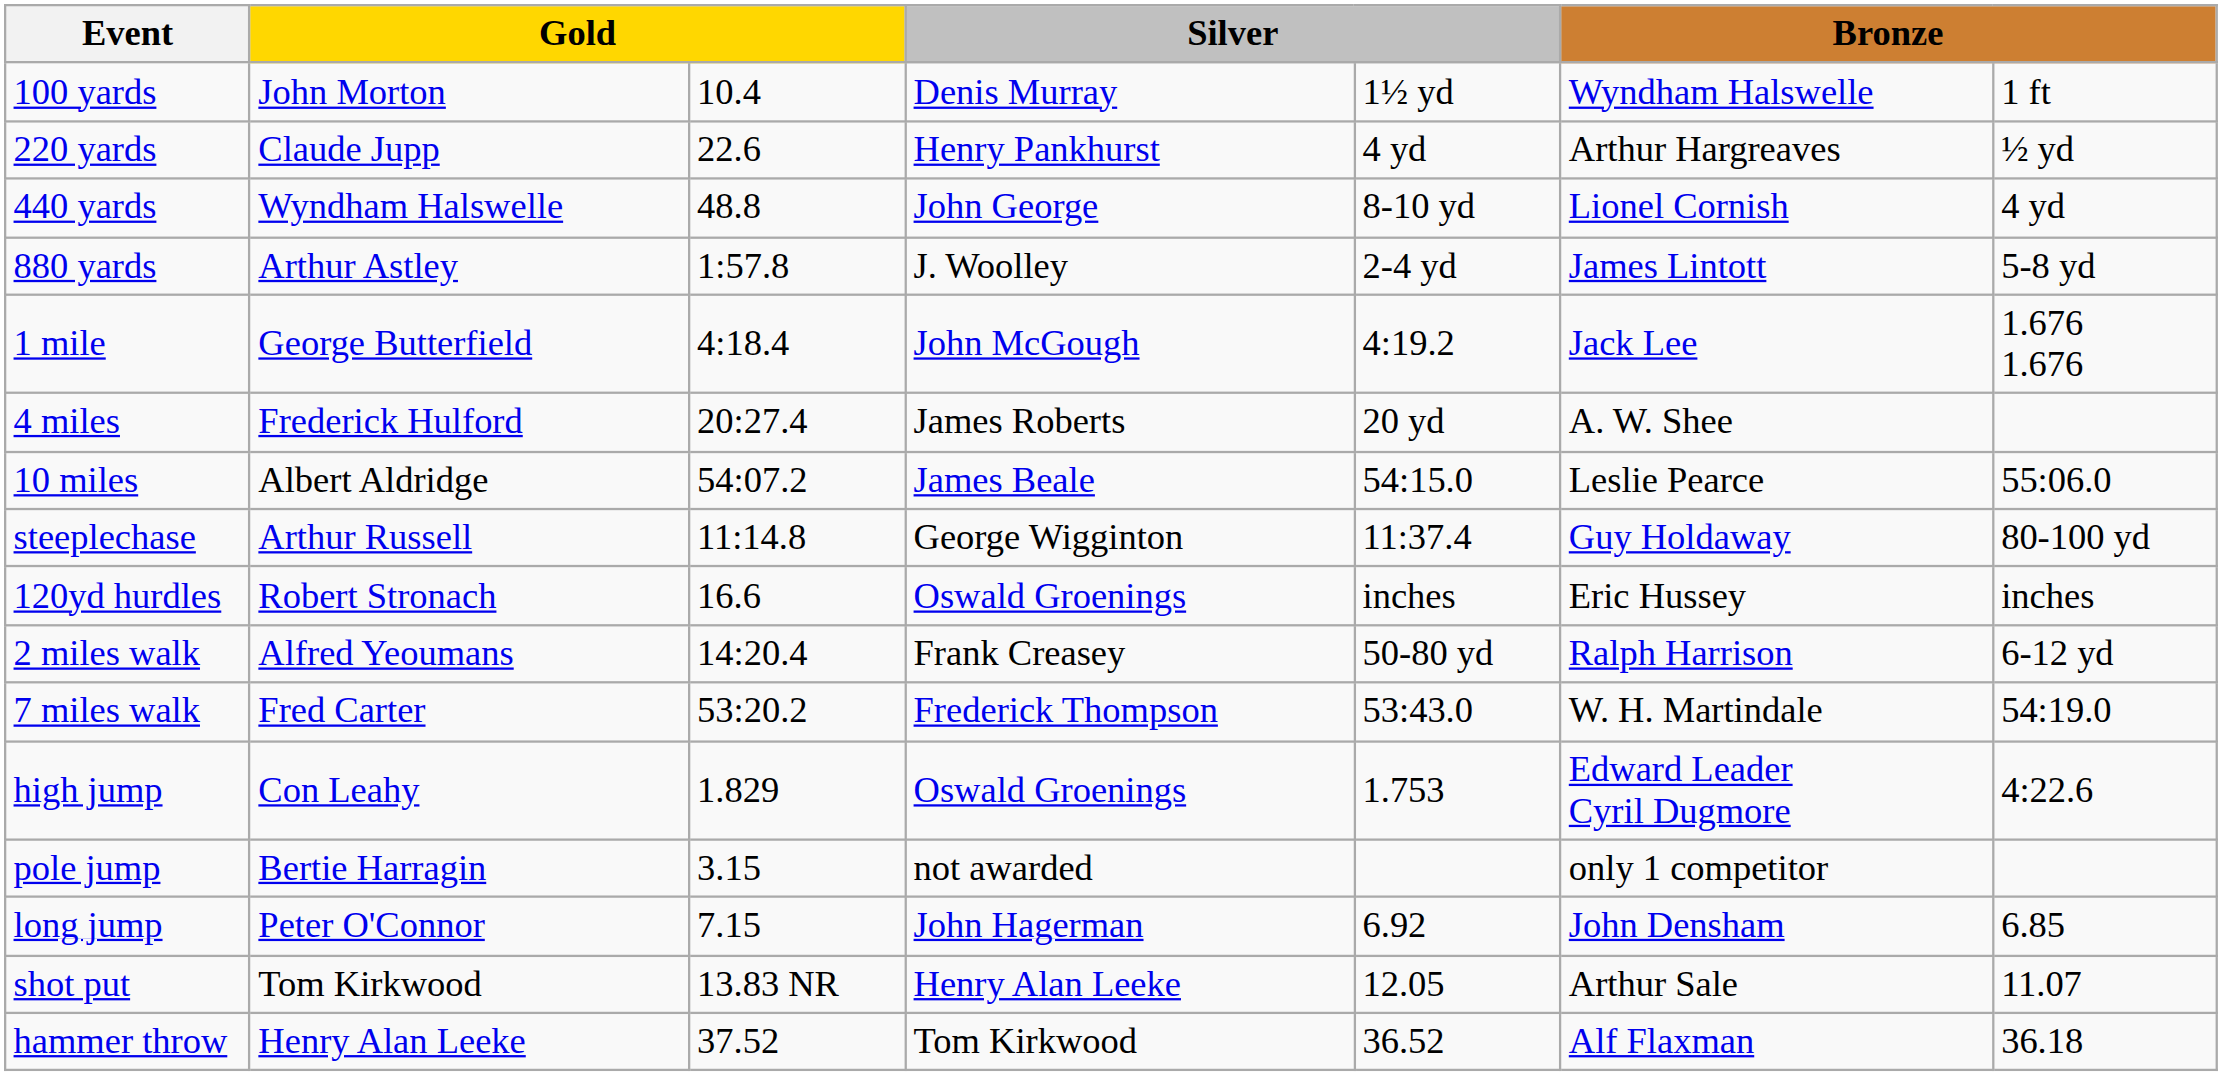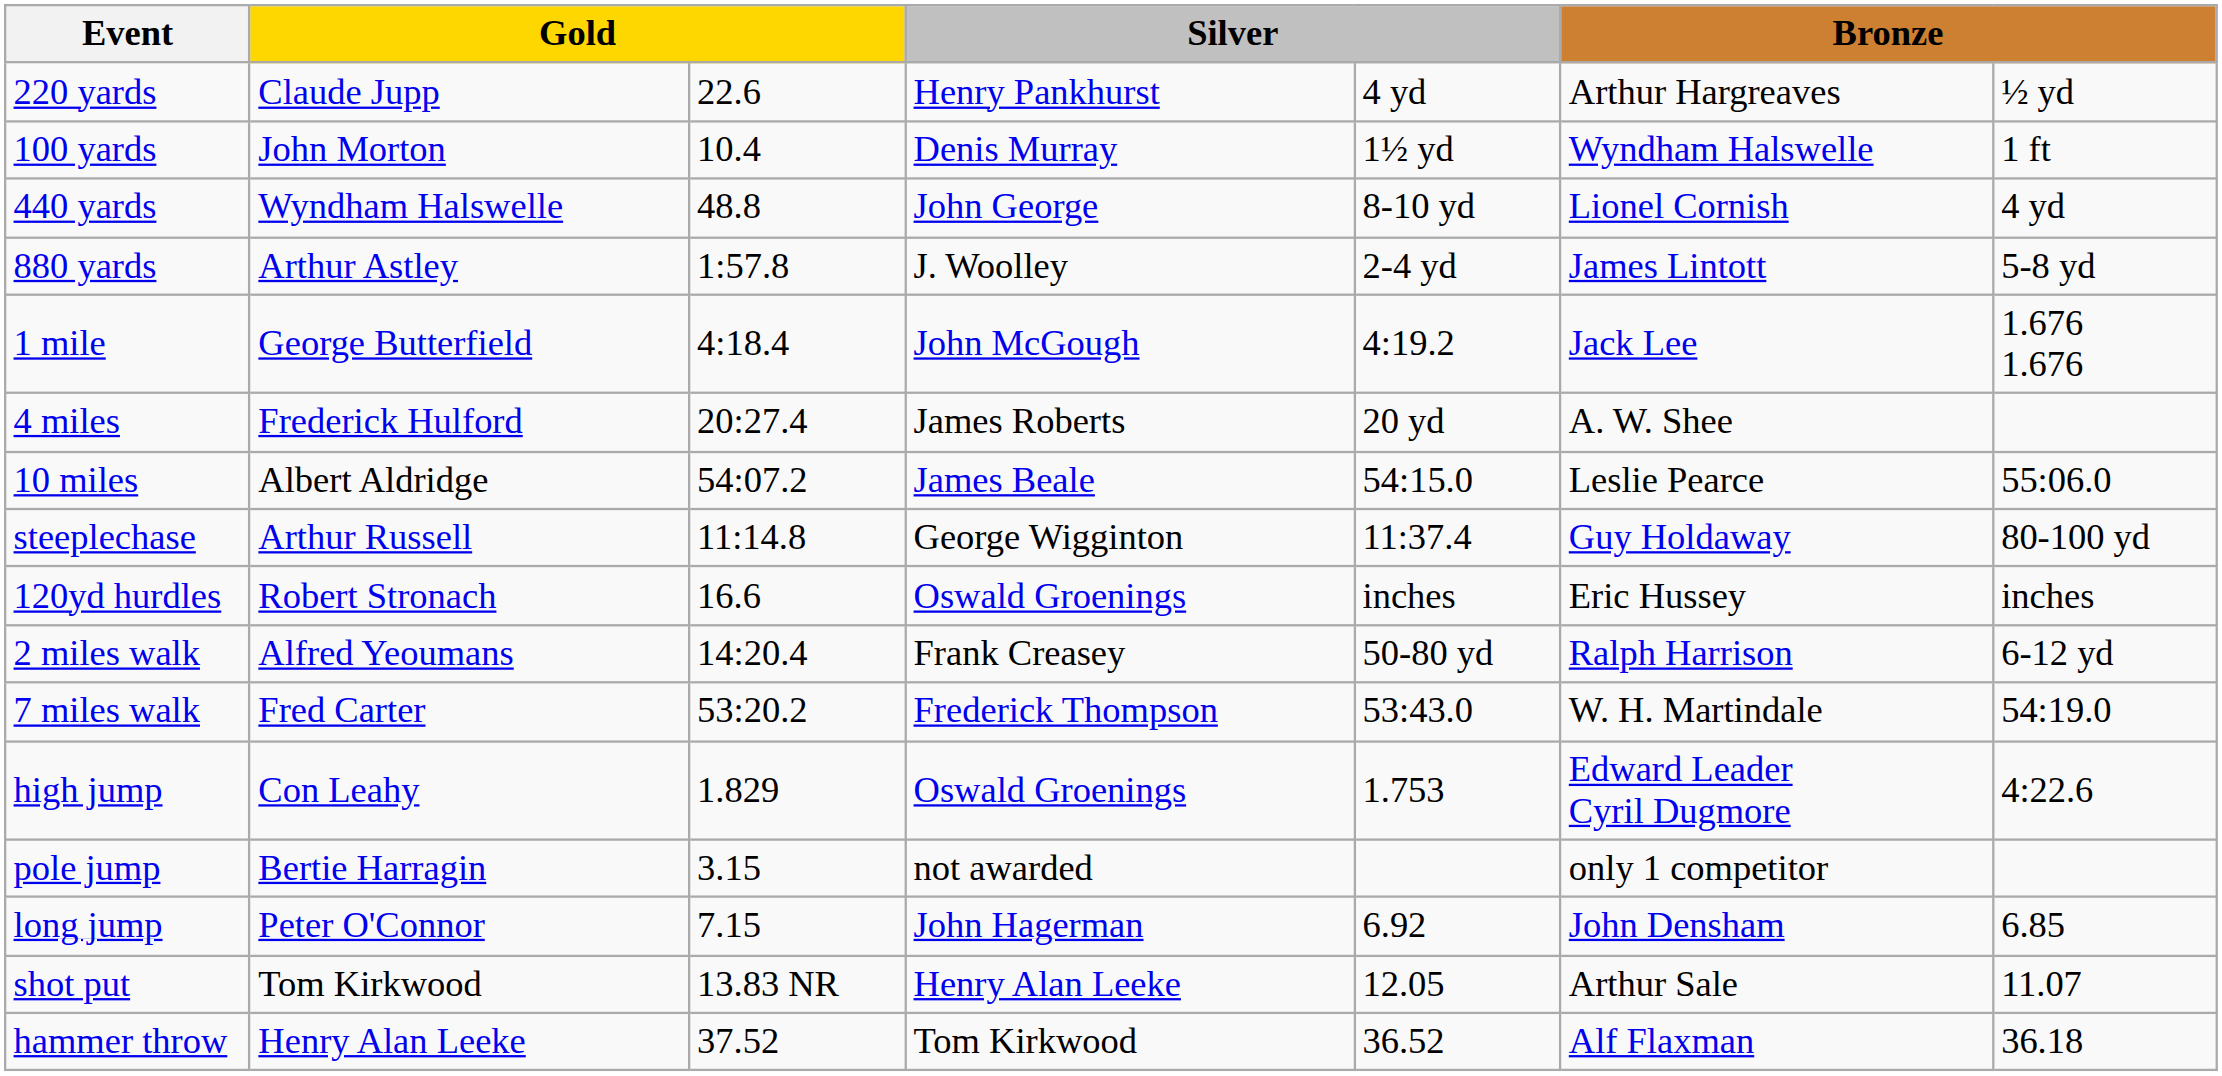 <table class="wikitable" style="text-align:left">
 <tr>
 <th width=100>Event</th>
 <th colspan="2" width="280" style="background:gold;">Gold</th>
 <th colspan="2" width="280" style="background:silver;">Silver</th>
 <th colspan="2" width="280" style="background:#CD7F32;">Bronze</th>
+</tr>
+<tr>
+<td><a href='#'>220 yards</a></td>
+<td><a href='#'>Claude Jupp</a></td>
+<td>22.6</td>
+<td><a href='#'>Henry Pankhurst</a></td>
+<td>4 yd</td>
+<td>Arthur Hargreaves</td>
+<td>½ yd</td>
 </tr>
 <tr>
 <td><a href='#'>100 yards</a></td>
 <td><a href='#'>John Morton</a></td>
 <td>10.4</td>
 <td> <a href='#'>Denis Murray</a></td>
 <td>1½ yd</td>
 <td> <a href='#'>Wyndham Halswelle</a></td>
 <td>1 ft</td>
-</tr>
-<tr>
-<td><a href='#'>220 yards</a></td>
-<td><a href='#'>Claude Jupp</a></td>
-<td>22.6</td>
-<td><a href='#'>Henry Pankhurst</a></td>
-<td>4 yd</td>
-<td>Arthur Hargreaves</td>
-<td>½ yd</td>
 </tr>
 <tr>
 <td><a href='#'>440 yards</a></td>
 <td> <a href='#'>Wyndham Halswelle</a></td>
 <td>48.8</td>
 <td><a href='#'>John George</a></td>
 <td>8-10 yd</td>
 <td><a href='#'>Lionel Cornish</a></td>
 <td>4 yd</td>
 </tr>
 <tr>
 <td><a href='#'>880 yards</a></td>
 <td><a href='#'>Arthur Astley</a></td>
 <td>1:57.8</td>
 <td>J. Woolley</td>
 <td>2-4 yd</td>
 <td><a href='#'>James Lintott</a></td>
 <td>5-8 yd</td>
 </tr>
 <tr>
 <td><a href='#'>1 mile</a></td>
 <td><a href='#'>George Butterfield</a></td>
 <td>4:18.4</td>
 <td> <a href='#'>John McGough</a></td>
 <td>4:19.2</td>
 <td><a href='#'>Jack Lee</a></td>
 <td>1.676<br>1.676</td>
 </tr>
 <tr>
 <td><a href='#'>4 miles</a></td>
 <td><a href='#'>Frederick Hulford</a></td>
 <td>20:27.4</td>
 <td>James Roberts</td>
 <td>20 yd</td>
 <td>A. W. Shee</td>
 <td></td>
 </tr>
 <tr>
 <td><a href='#'>10 miles</a></td>
 <td>Albert Aldridge</td>
 <td>54:07.2</td>
 <td><a href='#'>James Beale</a></td>
 <td>54:15.0</td>
 <td>Leslie Pearce</td>
 <td>55:06.0</td>
 </tr>
 <tr>
 <td><a href='#'>steeplechase</a></td>
 <td><a href='#'>Arthur Russell</a></td>
 <td>11:14.8</td>
 <td>George Wigginton</td>
 <td>11:37.4</td>
 <td><a href='#'>Guy Holdaway</a></td>
 <td>80-100 yd</td>
 </tr>
 <tr>
 <td><a href='#'>120yd hurdles</a></td>
 <td> <a href='#'>Robert Stronach</a></td>
 <td>16.6</td>
 <td><a href='#'>Oswald Groenings</a></td>
 <td>inches</td>
 <td>Eric Hussey</td>
 <td>inches</td>
 </tr>
 <tr>
 <td><a href='#'>2 miles walk</a></td>
 <td> <a href='#'>Alfred Yeoumans</a></td>
 <td>14:20.4</td>
 <td>Frank Creasey</td>
 <td>50-80 yd</td>
 <td><a href='#'>Ralph Harrison</a></td>
 <td>6-12 yd</td>
 </tr>
 <tr>
 <td><a href='#'>7 miles walk</a></td>
 <td><a href='#'>Fred Carter</a></td>
 <td>53:20.2</td>
 <td><a href='#'>Frederick Thompson</a></td>
 <td>53:43.0</td>
 <td>W. H. Martindale</td>
 <td>54:19.0</td>
 </tr>
 <tr>
 <td><a href='#'>high jump</a></td>
 <td> <a href='#'>Con Leahy</a></td>
 <td>1.829</td>
 <td><a href='#'>Oswald Groenings</a></td>
 <td>1.753</td>
 <td><a href='#'>Edward Leader</a><br><a href='#'>Cyril Dugmore</a></td>
 <td>4:22.6</td>
 </tr>
 <tr>
 <td><a href='#'>pole jump</a></td>
 <td> <a href='#'>Bertie Harragin</a></td>
 <td>3.15</td>
 <td>not awarded</td>
 <td></td>
 <td>only 1 competitor</td>
 <td></td>
 </tr>
 <tr>
 <td><a href='#'>long jump</a></td>
 <td> <a href='#'>Peter O'Connor</a></td>
 <td>7.15</td>
 <td> <a href='#'>John Hagerman</a></td>
 <td>6.92</td>
 <td><a href='#'>John Densham</a></td>
 <td>6.85</td>
 </tr>
 <tr>
 <td><a href='#'>shot put</a></td>
 <td> Tom Kirkwood</td>
 <td>13.83 NR</td>
 <td><a href='#'>Henry Alan Leeke</a></td>
 <td>12.05</td>
 <td>Arthur Sale</td>
 <td>11.07</td>
 </tr>
 <tr>
 <td><a href='#'>hammer throw</a></td>
 <td><a href='#'>Henry Alan Leeke</a></td>
 <td>37.52</td>
 <td> Tom Kirkwood</td>
 <td>36.52</td>
 <td><a href='#'>Alf Flaxman</a></td>
 <td>36.18</td>
 </tr>
 </table>
